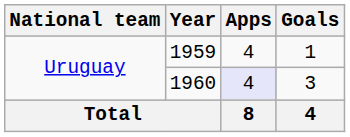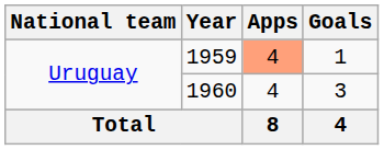 <table class="wikitable" style="text-align:center">
 <tr>
 <th>National team</th>
 <th>Year</th>
 <th>Apps</th>
 <th>Goals</th>
 </tr>
 <tr>
 <td rowspan="2"><a href='#'>Uruguay</a></td>
 <td>1959</td>
-<td>4</td>
+<td style="background: lightsalmon;">4</td>
 <td>1</td>
 </tr>
 <tr>
 <td>1960</td>
-<td style="background: lavender;">4</td>
+<td>4</td>
 <td>3</td>
 </tr>
 <tr>
 <th colspan="2">Total</th>
 <th>8</th>
 <th>4</th>
 </tr>
 </table>
